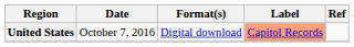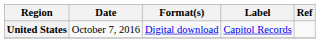 <table class="wikitable plainrowheaders">
 <tr>
 <th scope="col">Region</th>
 <th scope="col">Date</th>
 <th scope="col">Format(s)</th>
 <th scope="col">Label</th>
 <th scope="col">Ref</th>
 </tr>
 <tr>
 <th scope="row">United States</th>
 <td>October 7, 2016</td>
 <td><a href='#'>Digital download</a></td>
-<td style="background: lightsalmon;"><a href='#'>Capitol Records</a></td>
+<td><a href='#'>Capitol Records</a></td>
 <td></td>
 </tr>
 <tr>
 </tr>
 </table>
